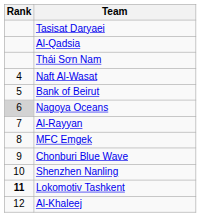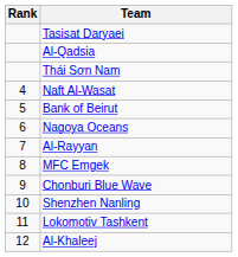 <table class="wikitable" style="text-align:center;">
 <tr>
 <th width=20>Rank</th>
 <th width=250>Team</th>
 </tr>
 <tr>
 <td></td>
 <td style="text-align:left;"> <a href='#'>Tasisat Daryaei</a></td>
 </tr>
 <tr>
 <td></td>
 <td style="text-align:left;"> <a href='#'>Al-Qadsia</a></td>
 </tr>
 <tr>
 <td></td>
 <td style="text-align:left;"> <a href='#'>Thái Sơn Nam</a></td>
 </tr>
 <tr>
 <td>4</td>
 <td style="text-align:left;"> <a href='#'>Naft Al-Wasat</a></td>
 </tr>
 <tr>
 <td>5</td>
 <td style="text-align:left;"> <a href='#'>Bank of Beirut</a></td>
 </tr>
 <tr>
-<td style="background: lightgrey;">6</td>
+<td>6</td>
 <td style="text-align:left;"> <a href='#'>Nagoya Oceans</a></td>
 </tr>
 <tr>
 <td>7</td>
 <td style="text-align:left;"> <a href='#'>Al-Rayyan</a></td>
 </tr>
 <tr>
 <td>8</td>
 <td style="text-align:left;"> <a href='#'>MFC Emgek</a></td>
 </tr>
 <tr>
 <td>9</td>
 <td style="text-align:left;"> <a href='#'>Chonburi Blue Wave</a></td>
 </tr>
 <tr>
 <td>10</td>
 <td style="text-align:left;"> <a href='#'>Shenzhen Nanling</a></td>
 </tr>
 <tr>
-<td><strong>11</strong></td>
+<td>11</td>
 <td style="text-align:left;"> <a href='#'>Lokomotiv Tashkent</a></td>
 </tr>
 <tr>
 <td>12</td>
 <td style="text-align:left;"> <a href='#'>Al-Khaleej</a></td>
 </tr>
 </table>
